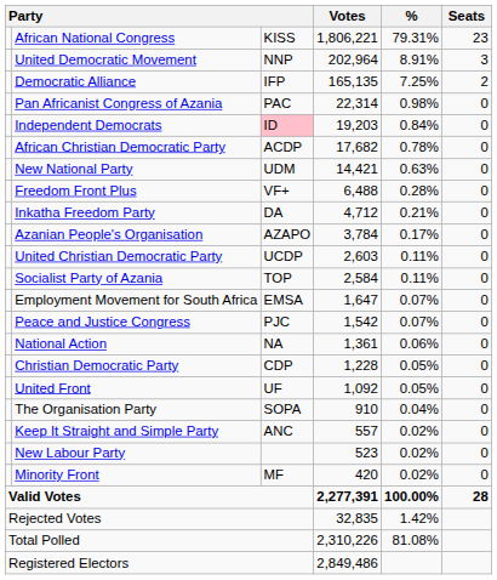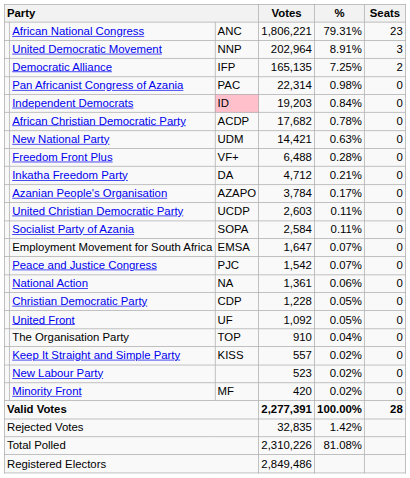 <table class="wikitable" border="1" style="text-align:right;">
 <tr>
 <th style="text-align:left;" colspan=3>Party</th>
 <th align=center width="50">Votes</th>
 <th align=center width="50">%</th>
 <th align=center width="50">Seats</th>
 </tr>
 <tr>
 <td style="background:"></td>
 <td align=left><a href='#'>African National Congress</a></td>
-<td align=left>KISS</td>
+<td align=left>ANC</td>
 <td>1,806,221</td>
 <td>79.31%</td>
 <td>23</td>
 </tr>
 <tr>
 <td style="background:"></td>
 <td align=left><a href='#'>United Democratic Movement</a></td>
 <td align=left>NNP</td>
 <td>202,964</td>
 <td>8.91%</td>
 <td>3</td>
 </tr>
 <tr>
 <td style="background:"></td>
 <td align=left><a href='#'>Democratic Alliance</a></td>
 <td align=left>IFP</td>
 <td>165,135</td>
 <td>7.25%</td>
 <td>2</td>
 </tr>
 <tr>
 <td style="background:"></td>
 <td align=left><a href='#'>Pan Africanist Congress of Azania</a></td>
 <td align=left>PAC</td>
 <td>22,314</td>
 <td>0.98%</td>
 <td>0</td>
 </tr>
 <tr>
 <td style="background:"></td>
 <td align=left><a href='#'>Independent Democrats</a></td>
 <td align=left style="background: pink;">ID</td>
 <td>19,203</td>
 <td>0.84%</td>
 <td>0</td>
 </tr>
 <tr>
 <td style="background:"></td>
 <td align=left><a href='#'>African Christian Democratic Party</a></td>
 <td align=left>ACDP</td>
 <td>17,682</td>
 <td>0.78%</td>
 <td>0</td>
 </tr>
 <tr>
 <td style="background:"></td>
 <td align=left><a href='#'>New National Party</a></td>
 <td align=left>UDM</td>
 <td>14,421</td>
 <td>0.63%</td>
 <td>0</td>
 </tr>
 <tr>
 <td style="background:"></td>
 <td align=left><a href='#'>Freedom Front Plus</a></td>
 <td align=left>VF+</td>
 <td>6,488</td>
 <td>0.28%</td>
 <td>0</td>
 </tr>
 <tr>
 <td style="background:"></td>
 <td align=left><a href='#'>Inkatha Freedom Party</a></td>
 <td align=left>DA</td>
 <td>4,712</td>
 <td>0.21%</td>
 <td>0</td>
 </tr>
 <tr>
 <td style="background:"></td>
 <td align=left><a href='#'>Azanian People's Organisation</a></td>
 <td align=left>AZAPO</td>
 <td>3,784</td>
 <td>0.17%</td>
 <td>0</td>
 </tr>
 <tr>
 <td style="background:"></td>
 <td align=left><a href='#'>United Christian Democratic Party</a></td>
 <td align=left>UCDP</td>
 <td>2,603</td>
 <td>0.11%</td>
 <td>0</td>
 </tr>
 <tr>
 <td style="background:"></td>
 <td align=left><a href='#'>Socialist Party of Azania</a></td>
-<td align=left>TOP</td>
+<td align=left>SOPA</td>
 <td>2,584</td>
 <td>0.11%</td>
 <td>0</td>
 </tr>
 <tr>
 <td></td>
 <td align=left>Employment Movement for South Africa</td>
 <td align=left>EMSA</td>
 <td>1,647</td>
 <td>0.07%</td>
 <td>0</td>
 </tr>
 <tr>
 <td></td>
 <td align=left><a href='#'>Peace and Justice Congress</a></td>
 <td align=left>PJC</td>
 <td>1,542</td>
 <td>0.07%</td>
 <td>0</td>
 </tr>
 <tr>
 <td></td>
 <td align=left><a href='#'>National Action</a></td>
 <td align=left>NA</td>
 <td>1,361</td>
 <td>0.06%</td>
 <td>0</td>
 </tr>
 <tr>
 <td style="background:"></td>
 <td align=left><a href='#'>Christian Democratic Party</a></td>
 <td align=left>CDP</td>
 <td>1,228</td>
 <td>0.05%</td>
 <td>0</td>
 </tr>
 <tr>
 <td></td>
 <td align=left><a href='#'>United Front</a></td>
 <td align=left>UF</td>
 <td>1,092</td>
 <td>0.05%</td>
 <td>0</td>
 </tr>
 <tr>
 <td></td>
 <td align=left>The Organisation Party</td>
-<td align=left>SOPA</td>
+<td align=left>TOP</td>
 <td>910</td>
 <td>0.04%</td>
 <td>0</td>
 </tr>
 <tr>
 <td style="background:"></td>
 <td align=left><a href='#'>Keep It Straight and Simple Party</a></td>
-<td align=left>ANC</td>
+<td align=left>KISS</td>
 <td>557</td>
 <td>0.02%</td>
 <td>0</td>
 </tr>
 <tr>
 <td></td>
 <td align=left><a href='#'>New Labour Party</a></td>
 <td align=left></td>
 <td>523</td>
 <td>0.02%</td>
 <td>0</td>
 </tr>
 <tr>
 <td style="background:"></td>
 <td align=left><a href='#'>Minority Front</a></td>
 <td align=left>MF</td>
 <td>420</td>
 <td>0.02%</td>
 <td>0</td>
 </tr>
 <tr style="font-weight:bold">
 <td align=left colspan=3>Valid Votes</td>
 <td>2,277,391</td>
 <td>100.00%</td>
 <td>28</td>
 </tr>
 <tr>
 <td align=left colspan=3>Rejected Votes</td>
 <td>32,835</td>
 <td>1.42%</td>
 <td></td>
 </tr>
 <tr>
 <td align=left colspan=3>Total Polled</td>
 <td>2,310,226</td>
 <td>81.08%</td>
 <td></td>
 </tr>
 <tr>
 <td align=left colspan=3>Registered Electors</td>
 <td>2,849,486</td>
 <td></td>
 <td></td>
 </tr>
 </table>
